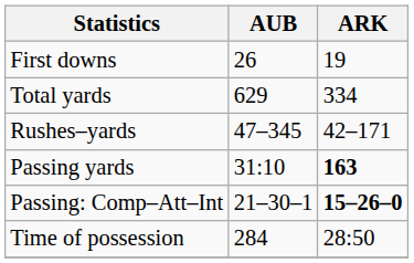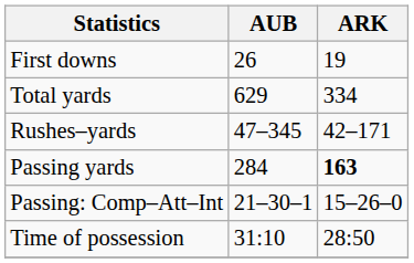 <table class="wikitable" style="float: left;">
 <tr>
 <th>Statistics</th>
 <th>AUB</th>
 <th>ARK</th>
 </tr>
 <tr>
 <td>First downs</td>
 <td>26</td>
 <td>19</td>
 </tr>
 <tr>
 <td>Total yards</td>
 <td>629</td>
 <td>334</td>
 </tr>
 <tr>
 <td>Rushes–yards</td>
 <td>47–345</td>
 <td>42–171</td>
 </tr>
 <tr>
 <td>Passing yards</td>
-<td>31:10</td>
+<td>284</td>
 <td><strong>163</strong></td>
 </tr>
 <tr>
 <td>Passing: Comp–Att–Int</td>
 <td>21–30–1</td>
-<td><strong>15–26–0</strong></td>
+<td>15–26–0</td>
 </tr>
 <tr>
 <td>Time of possession</td>
-<td>284</td>
+<td>31:10</td>
 <td>28:50</td>
 </tr>
 <tr>
 </tr>
 </table>
